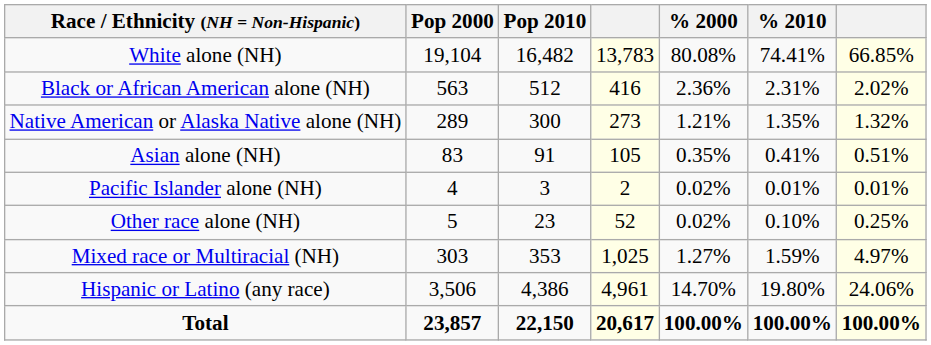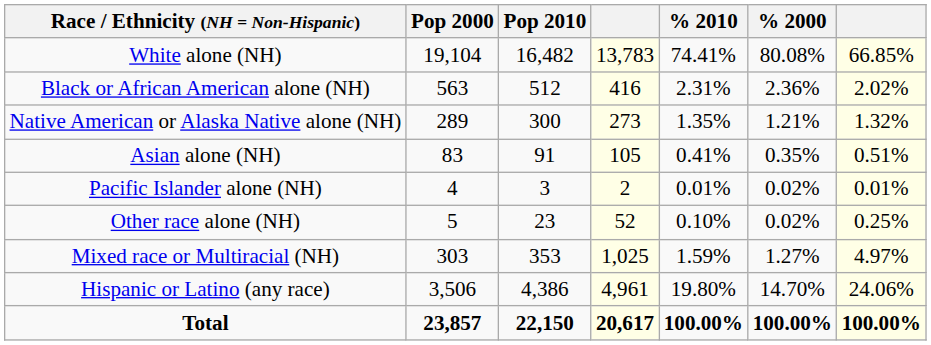 <table class="wikitable" style="text-align:center;">
 <tr>
 <th>Race / Ethnicity <small>(<em>NH = Non-Hispanic</em>)</small></th>
 <th>Pop 2000</th>
 <th>Pop 2010</th>
 <th></th>
+<th>% 2010</th>
 <th>% 2000</th>
-<th>% 2010</th>
 <th></th>
 </tr>
 <tr>
 <td><a href='#'>White</a> alone (NH)</td>
 <td>19,104</td>
 <td>16,482</td>
 <td style='background: #ffffe6;'>13,783</td>
+<td>74.41%</td>
 <td>80.08%</td>
-<td>74.41%</td>
 <td style='background: #ffffe6;'>66.85%</td>
 </tr>
 <tr>
 <td><a href='#'>Black or African American</a> alone (NH)</td>
 <td>563</td>
 <td>512</td>
 <td style='background: #ffffe6;'>416</td>
+<td>2.31%</td>
 <td>2.36%</td>
-<td>2.31%</td>
 <td style='background: #ffffe6;'>2.02%</td>
 </tr>
 <tr>
 <td><a href='#'>Native American</a> or <a href='#'>Alaska Native</a> alone (NH)</td>
 <td>289</td>
 <td>300</td>
 <td style='background: #ffffe6;'>273</td>
+<td>1.35%</td>
 <td>1.21%</td>
-<td>1.35%</td>
 <td style='background: #ffffe6;'>1.32%</td>
 </tr>
 <tr>
 <td><a href='#'>Asian</a> alone (NH)</td>
 <td>83</td>
 <td>91</td>
 <td style='background: #ffffe6;'>105</td>
+<td>0.41%</td>
 <td>0.35%</td>
-<td>0.41%</td>
 <td style='background: #ffffe6;'>0.51%</td>
 </tr>
 <tr>
 <td><a href='#'>Pacific Islander</a> alone (NH)</td>
 <td>4</td>
 <td>3</td>
 <td style='background: #ffffe6;'>2</td>
+<td>0.01%</td>
 <td>0.02%</td>
-<td>0.01%</td>
 <td style='background: #ffffe6;'>0.01%</td>
 </tr>
 <tr>
 <td><a href='#'>Other race</a> alone (NH)</td>
 <td>5</td>
 <td>23</td>
 <td style='background: #ffffe6;'>52</td>
+<td>0.10%</td>
 <td>0.02%</td>
-<td>0.10%</td>
 <td style='background: #ffffe6;'>0.25%</td>
 </tr>
 <tr>
 <td><a href='#'>Mixed race or Multiracial</a> (NH)</td>
 <td>303</td>
 <td>353</td>
 <td style='background: #ffffe6;'>1,025</td>
+<td>1.59%</td>
 <td>1.27%</td>
-<td>1.59%</td>
 <td style='background: #ffffe6;'>4.97%</td>
 </tr>
 <tr>
 <td><a href='#'>Hispanic or Latino</a> (any race)</td>
 <td>3,506</td>
 <td>4,386</td>
 <td style='background: #ffffe6;'>4,961</td>
+<td>19.80%</td>
 <td>14.70%</td>
-<td>19.80%</td>
 <td style='background: #ffffe6;'>24.06%</td>
 </tr>
 <tr>
 <td><strong>Total</strong></td>
 <td><strong>23,857</strong></td>
 <td><strong>22,150</strong></td>
 <td style='background: #ffffe6;'><strong>20,617</strong></td>
 <td><strong>100.00%</strong></td>
 <td><strong>100.00%</strong></td>
 <td style='background: #ffffe6;'><strong>100.00%</strong></td>
 </tr>
 </table>
